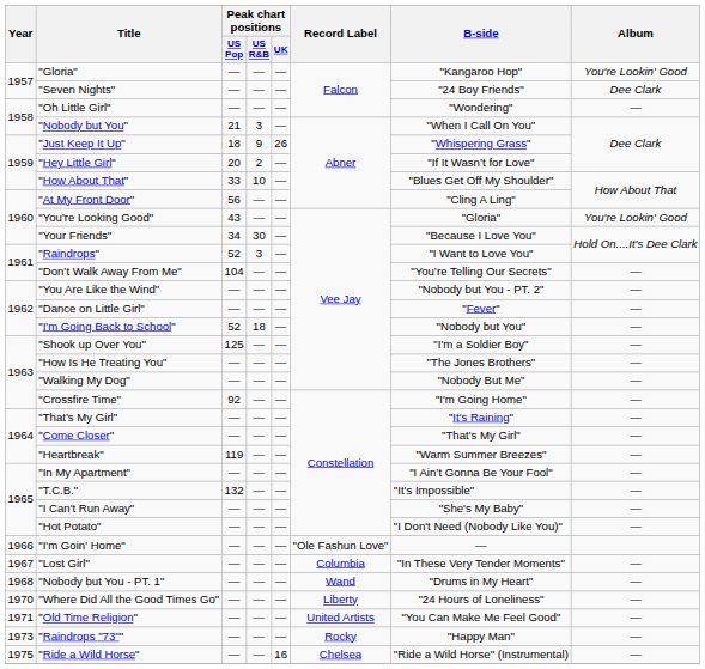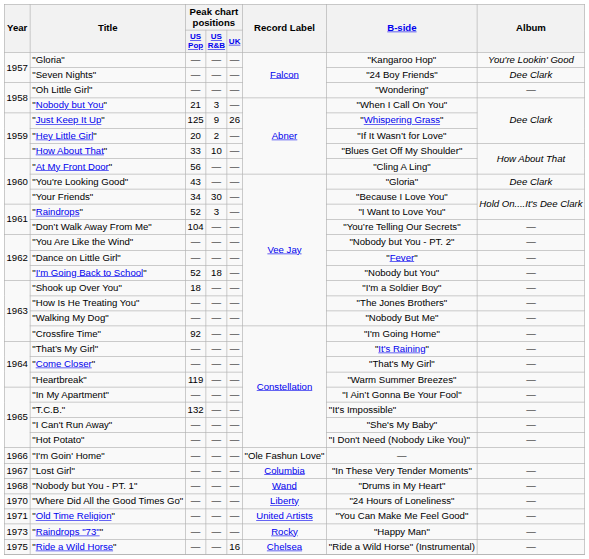 <table class="wikitable" style=text-align:center;>
 <tr>
 <th rowspan="2">Year</th>
 <th rowspan="2">Title</th>
 <th colspan="3">Peak chart<br>positions</th>
 <th rowspan="2">Record Label</th>
 <th rowspan="2"><a href='#'>B-side</a></th>
 <th rowspan="2">Album</th>
 </tr>
 <tr style="font-size:smaller;">
 <th align=centre><a href='#'>US<br>Pop</a><br> </th>
 <th align=centre><a href='#'>US<br>R&B</a></th>
 <th align=centre><a href='#'>UK</a></th>
 </tr>
 <tr>
 <td rowspan="2">1957</td>
 <td align=left>"Gloria"</td>
 <td>—</td>
 <td>—</td>
 <td>—</td>
 <td rowspan="3"><a href='#'>Falcon</a></td>
 <td>"Kangaroo Hop"</td>
 <td rowspan=""><em>You're Lookin' Good</em></td>
 </tr>
 <tr>
 <td align=left>"Seven Nights"</td>
 <td>—</td>
 <td>—</td>
 <td>—</td>
 <td>"24 Boy Friends"</td>
 <td rowspan=""><em>Dee Clark</em></td>
 </tr>
 <tr>
 <td rowspan="2">1958</td>
 <td align=left>"Oh Little Girl"</td>
 <td>—</td>
 <td>—</td>
 <td>—</td>
 <td>"Wondering"</td>
 <td rowspan="">—</td>
 </tr>
 <tr>
 <td align=left>"<a href='#'>Nobody but You</a>"</td>
 <td>21</td>
 <td>3</td>
 <td>—</td>
 <td rowspan="5"><a href='#'>Abner</a></td>
 <td>"When I Call On You"</td>
 <td rowspan="3"><em>Dee Clark</em></td>
 </tr>
 <tr>
 <td rowspan="3">1959</td>
 <td align=left>"<a href='#'>Just Keep It Up</a>"</td>
-<td>18</td>
+<td>125</td>
 <td>9</td>
 <td>26</td>
 <td>"<a href='#'>Whispering Grass</a>"</td>
 </tr>
 <tr>
 <td align=left>"<a href='#'>Hey Little Girl</a>"</td>
 <td>20</td>
 <td>2</td>
 <td>—</td>
 <td>"If It Wasn’t for Love"</td>
 </tr>
 <tr>
 <td align=left>"<a href='#'>How About That</a>"</td>
 <td>33</td>
 <td>10</td>
 <td>—</td>
 <td>"Blues Get Off My Shoulder"</td>
 <td rowspan="2"><em>How About That</em></td>
 </tr>
 <tr>
 <td rowspan="3">1960</td>
 <td align=left>"<a href='#'>At My Front Door</a>"</td>
 <td>56</td>
 <td>—</td>
 <td>—</td>
 <td>"Cling A Ling"</td>
 </tr>
 <tr>
 <td align=left>"You're Looking Good"</td>
 <td>43</td>
 <td>—</td>
 <td>—</td>
 <td rowspan="10"><a href='#'>Vee Jay</a></td>
 <td>"Gloria"</td>
-<td rowspan=""><em>You're Lookin' Good</em></td>
+<td rowspan=""><em>Dee Clark</em></td>
 </tr>
 <tr>
 <td align=left>"Your Friends"</td>
 <td>34</td>
 <td>30</td>
 <td>—</td>
 <td>"Because I Love You"</td>
 <td rowspan="2"><em>Hold On....It's Dee Clark</em></td>
 </tr>
 <tr>
 <td rowspan="2">1961</td>
 <td align=left>"<a href='#'>Raindrops</a>"</td>
 <td>52</td>
 <td>3</td>
 <td>—</td>
 <td>"I Want to Love You"</td>
 </tr>
 <tr>
 <td align=left>"Don’t Walk Away From Me"</td>
 <td>104</td>
 <td>—</td>
 <td>—</td>
 <td>"You’re Telling Our Secrets"</td>
 <td rowspan="">—</td>
 </tr>
 <tr>
 <td rowspan="3">1962</td>
 <td align=left>"You Are Like the Wind"</td>
 <td>—</td>
 <td>—</td>
 <td>—</td>
 <td>"Nobody but You - PT. 2"</td>
 <td rowspan="">—</td>
 </tr>
 <tr>
 <td align=left>"Dance on Little Girl"</td>
 <td>—</td>
 <td>—</td>
 <td>—</td>
 <td>"<a href='#'>Fever</a>"</td>
 <td rowspan="">—</td>
 </tr>
 <tr>
 <td align=left>"<a href='#'>I'm Going Back to School</a>"</td>
 <td>52</td>
 <td>18</td>
 <td>—</td>
 <td>"Nobody but You"</td>
 <td rowspan="">—</td>
 </tr>
 <tr>
 <td rowspan="4">1963</td>
 <td align=left>"Shook up Over You"</td>
-<td>125</td>
+<td>18</td>
 <td>—</td>
 <td>—</td>
 <td>"I'm a Soldier Boy"</td>
 <td rowspan="">—</td>
 </tr>
 <tr>
 <td align=left>"How Is He Treating You"</td>
 <td>—</td>
 <td>—</td>
 <td>—</td>
 <td>"The Jones Brothers"</td>
 <td rowspan="">—</td>
 </tr>
 <tr>
 <td align=left>"Walking My Dog"</td>
 <td>—</td>
 <td>—</td>
 <td>—</td>
 <td>"Nobody But Me"</td>
 <td rowspan="">—</td>
 </tr>
 <tr>
 <td align=left>"Crossfire Time"</td>
 <td>92</td>
 <td>—</td>
 <td>—</td>
 <td rowspan="8"><a href='#'>Constellation</a></td>
 <td>"I'm Going Home"</td>
 <td rowspan="">—</td>
 </tr>
 <tr>
 <td rowspan="3">1964</td>
 <td align=left>"That’s My Girl"</td>
 <td>—</td>
 <td>—</td>
 <td>—</td>
 <td>"<a href='#'>It's Raining</a>"</td>
 <td rowspan="">—</td>
 </tr>
 <tr>
 <td align=left>"<a href='#'>Come Closer</a>"</td>
 <td>—</td>
 <td>—</td>
 <td>—</td>
 <td>"That's My Girl"</td>
 <td rowspan="">—</td>
 </tr>
 <tr>
 <td align=left>"Heartbreak"</td>
 <td>119</td>
 <td>—</td>
 <td>—</td>
 <td>"Warm Summer Breezes"</td>
 <td rowspan="">—</td>
 </tr>
 <tr>
 <td rowspan="4">1965</td>
 <td align=left>"In My Apartment"</td>
 <td>—</td>
 <td>—</td>
 <td>—</td>
 <td>"I Ain’t Gonna Be Your Fool"</td>
 <td rowspan="">—</td>
 </tr>
 <tr>
 <td align=left>"T.C.B."</td>
 <td>132</td>
 <td>—</td>
 <td>—</td>
 <td align=left>"It's Impossible"</td>
 <td rowspan="">—</td>
 </tr>
 <tr>
 <td align=left>"I Can't Run Away"</td>
 <td>—</td>
 <td>—</td>
 <td>—</td>
 <td>"She's My Baby"</td>
 <td rowspan="">—</td>
 </tr>
 <tr>
 <td align=left>"Hot Potato"</td>
 <td>—</td>
 <td>—</td>
 <td>—</td>
 <td align=left>"I Don't Need (Nobody Like You)"</td>
 <td rowspan="">—</td>
 </tr>
 <tr>
 <td rowspan="1">1966</td>
 <td align=left>"I'm Goin' Home"</td>
 <td>—</td>
 <td>—</td>
 <td>—</td>
 <td>"Ole Fashun Love"</td>
 <td rowspan="">—</td>
 </tr>
 <tr>
 <td rowspan="1">1967</td>
 <td align=left>"Lost Girl"</td>
 <td>—</td>
 <td>—</td>
 <td>—</td>
 <td rowspan="1"><a href='#'>Columbia</a></td>
 <td>"In These Very Tender Moments"</td>
 <td rowspan="">—</td>
 </tr>
 <tr>
 <td rowspan="1">1968</td>
 <td align=left>"Nobody but You - PT. 1"</td>
 <td>—</td>
 <td>—</td>
 <td>—</td>
 <td rowspan="1"><a href='#'>Wand</a></td>
 <td>"Drums in My Heart"</td>
 <td rowspan="">—</td>
 </tr>
 <tr>
 <td rowspan="1">1970</td>
 <td align=left>"Where Did All the Good Times Go"</td>
 <td>—</td>
 <td>—</td>
 <td>—</td>
 <td rowspan="1"><a href='#'>Liberty</a></td>
 <td>"24 Hours of Loneliness"</td>
 <td rowspan="">—</td>
 </tr>
 <tr>
 <td rowspan="1">1971</td>
 <td align=left>"<a href='#'>Old Time Religion</a>"</td>
 <td>—</td>
 <td>—</td>
 <td>—</td>
 <td rowspan="1"><a href='#'>United Artists</a></td>
 <td>"You Can Make Me Feel Good"</td>
 <td rowspan="">—</td>
 </tr>
 <tr>
 <td rowspan="1">1973</td>
 <td align=left>"<a href='#'>Raindrops "73"</a>"</td>
 <td>—</td>
 <td>—</td>
 <td>—</td>
 <td rowspan="1"><a href='#'>Rocky</a></td>
 <td>"Happy Man"</td>
 <td rowspan="">—</td>
 </tr>
 <tr>
 <td rowspan="1">1975</td>
 <td align=left>"<a href='#'>Ride a Wild Horse</a>"</td>
 <td>—</td>
 <td>—</td>
 <td>16</td>
 <td rowspan="1"><a href='#'>Chelsea</a></td>
 <td>"Ride a Wild Horse" (Instrumental)</td>
 <td rowspan="">—</td>
 </tr>
 <tr>
 </tr>
 </table>
